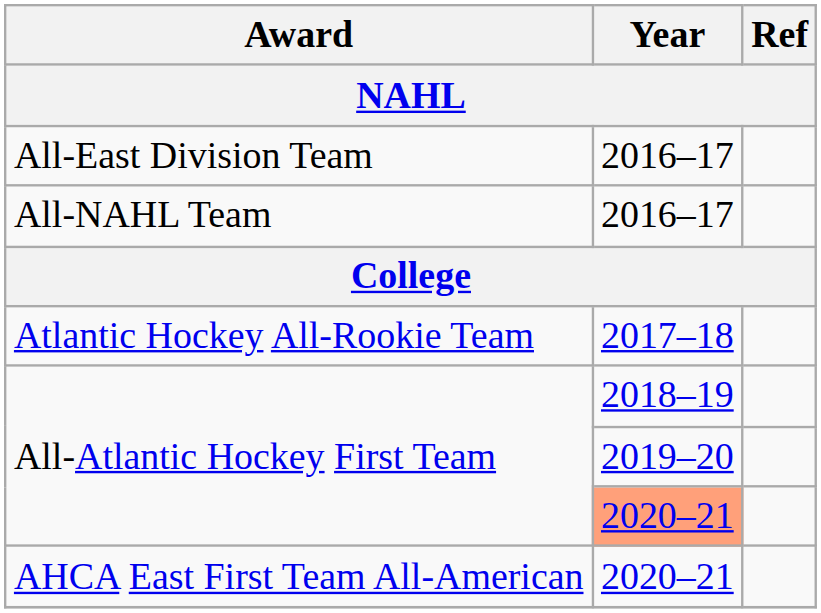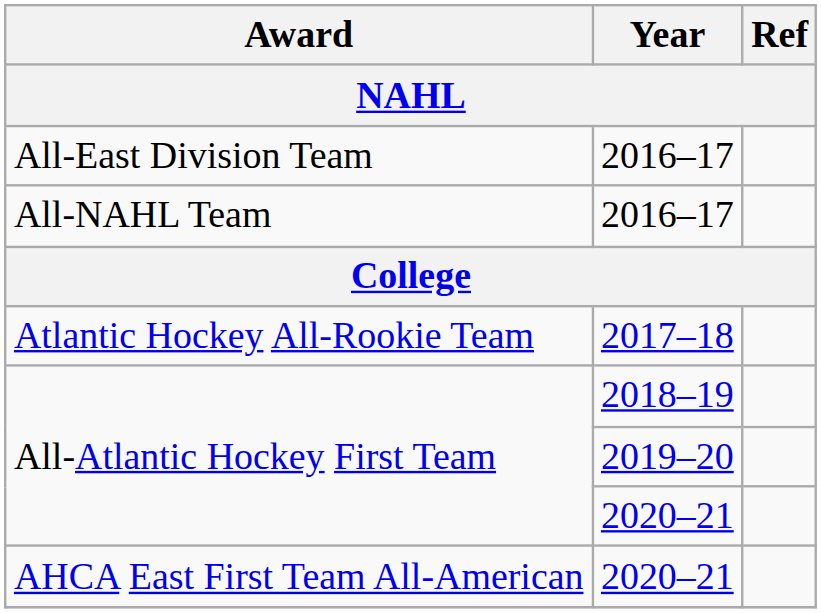 <table class="wikitable">
 <tr>
 <th>Award</th>
 <th>Year</th>
 <th>Ref</th>
 </tr>
 <tr>
 <th colspan="3"><a href='#'>NAHL</a></th>
 </tr>
 <tr>
 <td>All-East Division Team</td>
 <td 2016–17 NAHL season>2016–17</td>
 <td></td>
 </tr>
 <tr>
 <td>All-NAHL Team</td>
 <td 2016–17 NAHL season>2016–17</td>
 <td></td>
 </tr>
 <tr>
 <th colspan="3"><a href='#'>College</a></th>
 </tr>
 <tr>
 <td><a href='#'>Atlantic Hockey</a> <a href='#'>All-Rookie Team</a></td>
 <td><a href='#'>2017–18</a></td>
 <td></td>
 </tr>
 <tr>
 <td rowspan=3>All-<a href='#'>Atlantic Hockey</a> <a href='#'>First Team</a></td>
 <td><a href='#'>2018–19</a></td>
 <td></td>
 </tr>
 <tr>
 <td><a href='#'>2019–20</a></td>
 <td></td>
 </tr>
 <tr>
-<td style="background: lightsalmon;"><a href='#'>2020–21</a></td>
+<td><a href='#'>2020–21</a></td>
 <td></td>
 </tr>
 <tr>
 <td><a href='#'>AHCA</a> <a href='#'>East First Team All-American</a></td>
 <td><a href='#'>2020–21</a></td>
 <td></td>
 </tr>
 <tr>
 </tr>
 </table>
